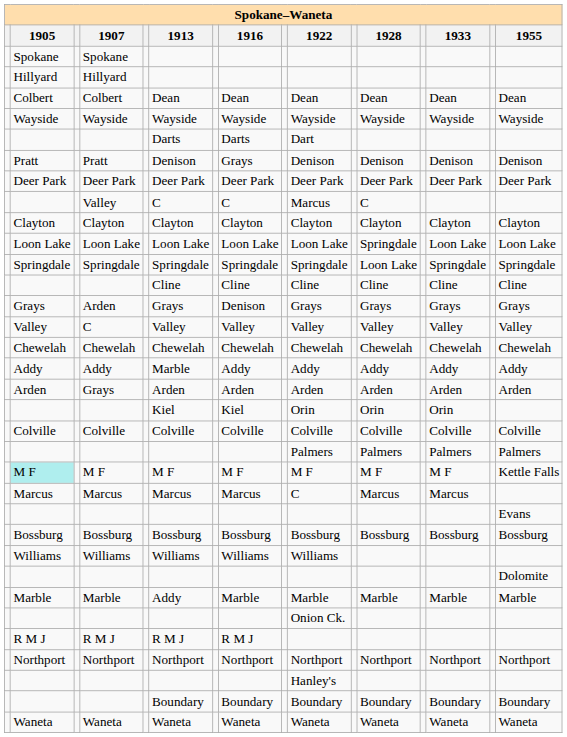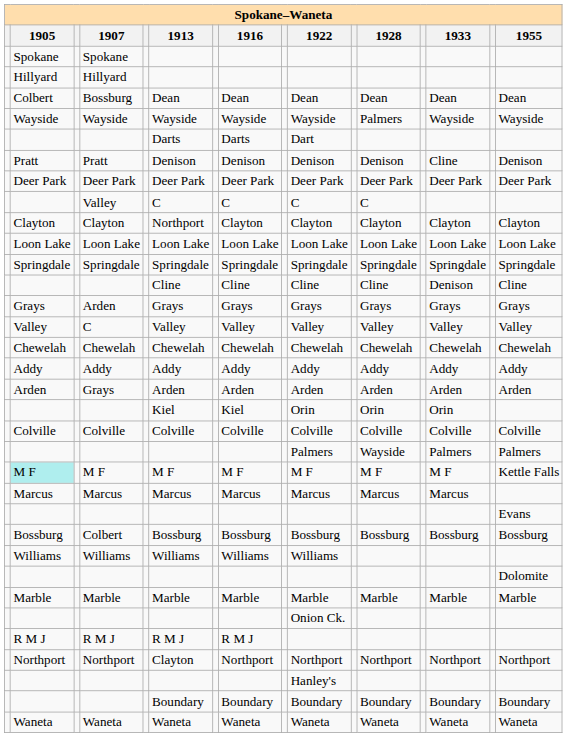 <table class="wikitable mw-collapsible mw-collapsed">
 <tr>
 <th colspan="16" style="background:#ffdead;">Spokane–Waneta</th>
 </tr>
 <tr>
 <th></th>
 <th>1905</th>
 <th></th>
 <th>1907</th>
 <th></th>
 <th>1913</th>
 <th></th>
 <th>1916</th>
 <th></th>
 <th>1922</th>
 <th></th>
 <th>1928</th>
 <th></th>
 <th>1933</th>
 <th></th>
 <th>1955</th>
 </tr>
 <tr>
 <td></td>
 <td>Spokane</td>
 <td></td>
 <td>Spokane</td>
 <td></td>
 <td></td>
 <td></td>
 <td></td>
 <td></td>
 <td></td>
 <td></td>
 <td></td>
 <td></td>
 <td></td>
 <td></td>
 <td></td>
 </tr>
 <tr>
 <td></td>
 <td>Hillyard</td>
 <td></td>
 <td>Hillyard</td>
 <td></td>
 <td></td>
 <td></td>
 <td></td>
 <td></td>
 <td></td>
 <td></td>
 <td></td>
 <td></td>
 <td></td>
 <td></td>
 <td></td>
 </tr>
 <tr>
 <td></td>
 <td>Colbert</td>
 <td></td>
-<td>Colbert</td>
+<td>Bossburg</td>
 <td></td>
 <td>Dean</td>
 <td></td>
 <td>Dean</td>
 <td></td>
 <td>Dean</td>
 <td></td>
 <td>Dean</td>
 <td></td>
 <td>Dean</td>
 <td></td>
 <td>Dean</td>
 </tr>
 <tr>
 <td></td>
 <td>Wayside</td>
 <td></td>
 <td>Wayside</td>
 <td></td>
 <td>Wayside</td>
 <td></td>
 <td>Wayside</td>
 <td></td>
 <td>Wayside</td>
 <td></td>
-<td>Wayside</td>
+<td>Palmers</td>
 <td></td>
 <td>Wayside</td>
 <td></td>
 <td>Wayside</td>
 </tr>
 <tr>
 <td></td>
 <td></td>
 <td></td>
 <td></td>
 <td></td>
 <td>Darts</td>
 <td></td>
 <td>Darts</td>
 <td></td>
 <td>Dart</td>
 <td></td>
 <td></td>
 <td></td>
 <td></td>
 <td></td>
 <td></td>
 </tr>
 <tr>
 <td></td>
 <td>Pratt</td>
 <td></td>
 <td>Pratt</td>
 <td></td>
 <td>Denison</td>
 <td></td>
-<td>Grays</td>
+<td>Denison</td>
 <td></td>
 <td>Denison</td>
 <td></td>
 <td>Denison</td>
 <td></td>
-<td>Denison</td>
+<td>Cline</td>
 <td></td>
 <td>Denison</td>
 </tr>
 <tr>
 <td></td>
 <td>Deer Park</td>
 <td></td>
 <td>Deer Park</td>
 <td></td>
 <td>Deer Park</td>
 <td></td>
 <td>Deer Park</td>
 <td></td>
 <td>Deer Park</td>
 <td></td>
 <td>Deer Park</td>
 <td></td>
 <td>Deer Park</td>
 <td></td>
 <td>Deer Park</td>
 </tr>
 <tr>
 <td></td>
 <td></td>
 <td></td>
 <td>Valley</td>
 <td></td>
 <td>C</td>
 <td></td>
 <td>C</td>
 <td></td>
-<td>Marcus</td>
+<td>C</td>
 <td></td>
 <td>C</td>
 <td></td>
 <td></td>
 <td></td>
 <td></td>
 </tr>
 <tr>
 <td></td>
 <td>Clayton</td>
 <td></td>
 <td>Clayton</td>
 <td></td>
-<td>Clayton</td>
+<td>Northport</td>
 <td></td>
 <td>Clayton</td>
 <td></td>
 <td>Clayton</td>
 <td></td>
 <td>Clayton</td>
 <td></td>
 <td>Clayton</td>
 <td></td>
 <td>Clayton</td>
 </tr>
 <tr>
 <td></td>
 <td>Loon Lake</td>
 <td></td>
 <td>Loon Lake</td>
 <td></td>
 <td>Loon Lake</td>
 <td></td>
 <td>Loon Lake</td>
 <td></td>
 <td>Loon Lake</td>
 <td></td>
-<td>Springdale</td>
+<td>Loon Lake</td>
 <td></td>
 <td>Loon Lake</td>
 <td></td>
 <td>Loon Lake</td>
 </tr>
 <tr>
 <td></td>
 <td>Springdale</td>
 <td></td>
 <td>Springdale</td>
 <td></td>
 <td>Springdale</td>
 <td></td>
 <td>Springdale</td>
 <td></td>
 <td>Springdale</td>
 <td></td>
-<td>Loon Lake</td>
+<td>Springdale</td>
 <td></td>
 <td>Springdale</td>
 <td></td>
 <td>Springdale</td>
 </tr>
 <tr>
 <td></td>
 <td></td>
 <td></td>
 <td></td>
 <td></td>
 <td>Cline</td>
 <td></td>
 <td>Cline</td>
 <td></td>
 <td>Cline</td>
 <td></td>
 <td>Cline</td>
 <td></td>
-<td>Cline</td>
+<td>Denison</td>
 <td></td>
 <td>Cline</td>
 </tr>
 <tr>
 <td></td>
 <td>Grays</td>
 <td></td>
 <td>Arden</td>
 <td></td>
 <td>Grays</td>
 <td></td>
-<td>Denison</td>
+<td>Grays</td>
 <td></td>
 <td>Grays</td>
 <td></td>
 <td>Grays</td>
 <td></td>
 <td>Grays</td>
 <td></td>
 <td>Grays</td>
 </tr>
 <tr>
 <td></td>
 <td>Valley</td>
 <td></td>
 <td>C</td>
 <td></td>
 <td>Valley</td>
 <td></td>
 <td>Valley</td>
 <td></td>
 <td>Valley</td>
 <td></td>
 <td>Valley</td>
 <td></td>
 <td>Valley</td>
 <td></td>
 <td>Valley</td>
 </tr>
 <tr>
 <td></td>
 <td>Chewelah</td>
 <td></td>
 <td>Chewelah</td>
 <td></td>
 <td>Chewelah</td>
 <td></td>
 <td>Chewelah</td>
 <td></td>
 <td>Chewelah</td>
 <td></td>
 <td>Chewelah</td>
 <td></td>
 <td>Chewelah</td>
 <td></td>
 <td>Chewelah</td>
 </tr>
 <tr>
 <td></td>
 <td>Addy</td>
 <td></td>
 <td>Addy</td>
 <td></td>
-<td>Marble</td>
+<td>Addy</td>
 <td></td>
 <td>Addy</td>
 <td></td>
 <td>Addy</td>
 <td></td>
 <td>Addy</td>
 <td></td>
 <td>Addy</td>
 <td></td>
 <td>Addy</td>
 </tr>
 <tr>
 <td></td>
 <td>Arden</td>
 <td></td>
 <td>Grays</td>
 <td></td>
 <td>Arden</td>
 <td></td>
 <td>Arden</td>
 <td></td>
 <td>Arden</td>
 <td></td>
 <td>Arden</td>
 <td></td>
 <td>Arden</td>
 <td></td>
 <td>Arden</td>
 </tr>
 <tr>
 <td></td>
 <td></td>
 <td></td>
 <td></td>
 <td></td>
 <td>Kiel</td>
 <td></td>
 <td>Kiel</td>
 <td></td>
 <td>Orin</td>
 <td></td>
 <td>Orin</td>
 <td></td>
 <td>Orin</td>
 <td></td>
 <td></td>
 </tr>
 <tr>
 <td></td>
 <td>Colville</td>
 <td></td>
 <td>Colville</td>
 <td></td>
 <td>Colville</td>
 <td></td>
 <td>Colville</td>
 <td></td>
 <td>Colville</td>
 <td></td>
 <td>Colville</td>
 <td></td>
 <td>Colville</td>
 <td></td>
 <td>Colville</td>
 </tr>
 <tr>
 <td></td>
 <td></td>
 <td></td>
 <td></td>
 <td></td>
 <td></td>
 <td></td>
 <td></td>
 <td></td>
 <td>Palmers</td>
 <td></td>
-<td>Palmers</td>
+<td>Wayside</td>
 <td></td>
 <td>Palmers</td>
 <td></td>
 <td>Palmers</td>
 </tr>
 <tr>
 <td></td>
 <td style="background: paleturquoise;">M F</td>
 <td></td>
 <td>M F</td>
 <td></td>
 <td>M F</td>
 <td></td>
 <td>M F</td>
 <td></td>
 <td>M F</td>
 <td></td>
 <td>M F</td>
 <td></td>
 <td>M F</td>
 <td></td>
 <td>Kettle Falls</td>
 </tr>
 <tr>
 <td></td>
 <td>Marcus</td>
 <td></td>
 <td>Marcus</td>
 <td></td>
 <td>Marcus</td>
 <td></td>
 <td>Marcus</td>
 <td></td>
-<td>C</td>
+<td>Marcus</td>
 <td></td>
 <td>Marcus</td>
 <td></td>
 <td>Marcus</td>
 <td></td>
 <td></td>
 </tr>
 <tr>
 <td></td>
 <td></td>
 <td></td>
 <td></td>
 <td></td>
 <td></td>
 <td></td>
 <td></td>
 <td></td>
 <td></td>
 <td></td>
 <td></td>
 <td></td>
 <td></td>
 <td></td>
 <td>Evans</td>
 </tr>
 <tr>
 <td></td>
 <td>Bossburg</td>
 <td></td>
-<td>Bossburg</td>
+<td>Colbert</td>
 <td></td>
 <td>Bossburg</td>
 <td></td>
 <td>Bossburg</td>
 <td></td>
 <td>Bossburg</td>
 <td></td>
 <td>Bossburg</td>
 <td></td>
 <td>Bossburg</td>
 <td></td>
 <td>Bossburg</td>
 </tr>
 <tr>
 <td></td>
 <td>Williams</td>
 <td></td>
 <td>Williams</td>
 <td></td>
 <td>Williams</td>
 <td></td>
 <td>Williams</td>
 <td></td>
 <td>Williams</td>
 <td></td>
 <td></td>
 <td></td>
 <td></td>
 <td></td>
 <td></td>
 </tr>
 <tr>
 <td></td>
 <td></td>
 <td></td>
 <td></td>
 <td></td>
 <td></td>
 <td></td>
 <td></td>
 <td></td>
 <td></td>
 <td></td>
 <td></td>
 <td></td>
 <td></td>
 <td></td>
 <td>Dolomite</td>
 </tr>
 <tr>
 <td></td>
 <td>Marble</td>
 <td></td>
 <td>Marble</td>
 <td></td>
-<td>Addy</td>
+<td>Marble</td>
 <td></td>
 <td>Marble</td>
 <td></td>
 <td>Marble</td>
 <td></td>
 <td>Marble</td>
 <td></td>
 <td>Marble</td>
 <td></td>
 <td>Marble</td>
 </tr>
 <tr>
 <td></td>
 <td></td>
 <td></td>
 <td></td>
 <td></td>
 <td></td>
 <td></td>
 <td></td>
 <td></td>
 <td>Onion Ck.</td>
 <td></td>
 <td></td>
 <td></td>
 <td></td>
 <td></td>
 <td></td>
 </tr>
 <tr>
 <td></td>
 <td>R M J</td>
 <td></td>
 <td>R M J</td>
 <td></td>
 <td>R M J</td>
 <td></td>
 <td>R M J</td>
 <td></td>
 <td></td>
 <td></td>
 <td></td>
 <td></td>
 <td></td>
 <td></td>
 <td></td>
 </tr>
 <tr>
 <td></td>
 <td>Northport</td>
 <td></td>
 <td>Northport</td>
 <td></td>
-<td>Northport</td>
+<td>Clayton</td>
 <td></td>
 <td>Northport</td>
 <td></td>
 <td>Northport</td>
 <td></td>
 <td>Northport</td>
 <td></td>
 <td>Northport</td>
 <td></td>
 <td>Northport</td>
 </tr>
 <tr>
 <td></td>
 <td></td>
 <td></td>
 <td></td>
 <td></td>
 <td></td>
 <td></td>
 <td></td>
 <td></td>
 <td>Hanley's</td>
 <td></td>
 <td></td>
 <td></td>
 <td></td>
 <td></td>
 <td></td>
 </tr>
 <tr>
 <td></td>
 <td></td>
 <td></td>
 <td></td>
 <td></td>
 <td>Boundary</td>
 <td></td>
 <td>Boundary</td>
 <td></td>
 <td>Boundary</td>
 <td></td>
 <td>Boundary</td>
 <td></td>
 <td>Boundary</td>
 <td></td>
 <td>Boundary</td>
 </tr>
 <tr>
 <td></td>
 <td>Waneta</td>
 <td></td>
 <td>Waneta</td>
 <td></td>
 <td>Waneta</td>
 <td></td>
 <td>Waneta</td>
 <td></td>
 <td>Waneta</td>
 <td></td>
 <td>Waneta</td>
 <td></td>
 <td>Waneta</td>
 <td></td>
 <td>Waneta</td>
 </tr>
 </table>
